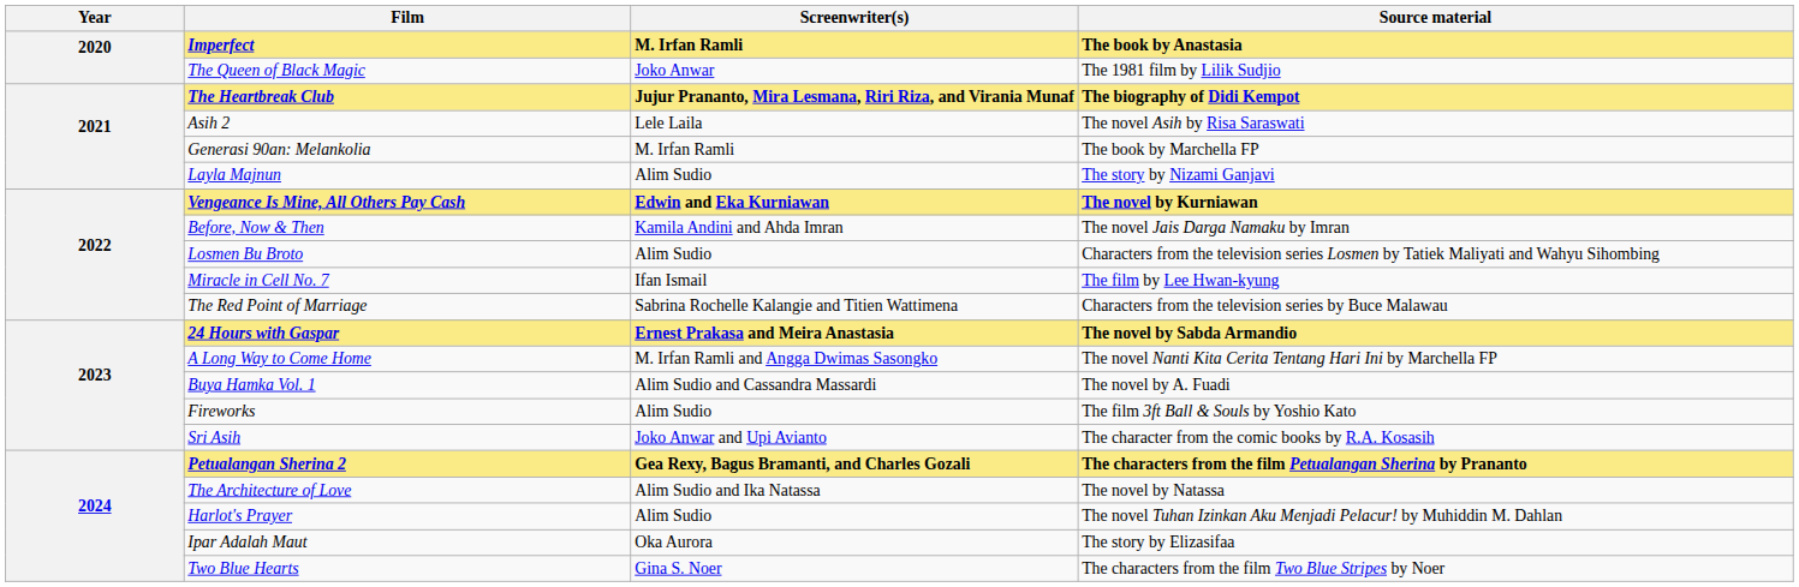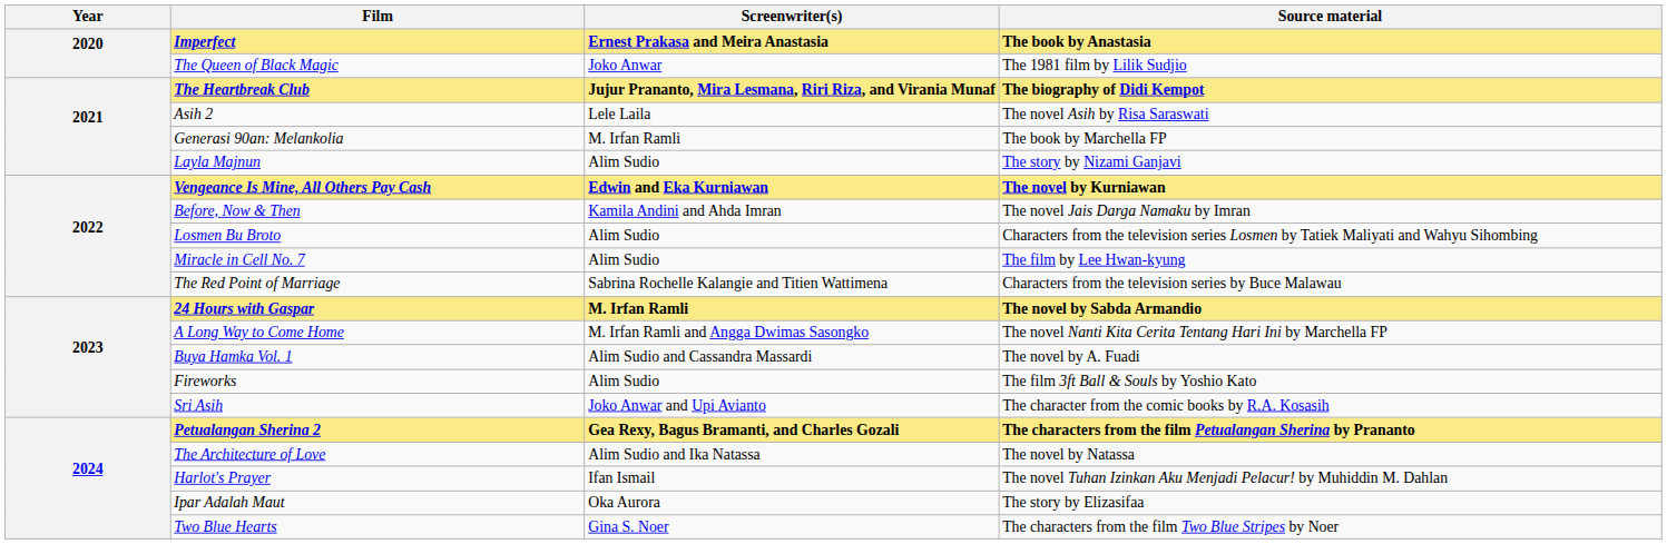 <table class="wikitable" rowspan=2 style="text-align: left;" border="2" cellpadding="4">
 <tr>
 <th width="10%">Year</th>
 <th width="25%">Film</th>
 <th width="25%">Screenwriter(s)</th>
 <th width="40%">Source material</th>
 </tr>
 <tr>
 <th rowspan="2" style="text-align:center;">2020<br><br></th>
 <td scope="row" style="background:#FAEB86;"><strong><em><a href='#'>Imperfect</a></em></strong></td>
-<td style="background:#FAEB86;"><strong>M. Irfan Ramli </strong></td>
+<td style="background:#FAEB86;"><strong><a href='#'>Ernest Prakasa</a> and Meira Anastasia </strong></td>
 <td style="background:#FAEB86;"><strong>The book by Anastasia</strong></td>
 </tr>
 <tr>
 <td><em><a href='#'>The Queen of Black Magic</a></em></td>
 <td><a href='#'>Joko Anwar</a></td>
 <td>The 1981 film by <a href='#'>Lilik Sudjio</a></td>
 </tr>
 <tr>
 <th style="text-align:center;" rowspan="4">2021<br><br></th>
 <td scope="row" style="background:#FAEB86;"><strong><em><a href='#'>The Heartbreak Club</a></em></strong></td>
 <td style="background:#FAEB86;"><strong>Jujur Prananto, <a href='#'>Mira Lesmana</a>, <a href='#'>Riri Riza</a>, and Virania Munaf</strong></td>
 <td style="background:#FAEB86;"><strong>The biography of <a href='#'>Didi Kempot</a></strong></td>
 </tr>
 <tr>
 <td><em>Asih 2</em></td>
 <td>Lele Laila</td>
 <td>The novel <em>Asih</em> by <a href='#'>Risa Saraswati</a></td>
 </tr>
 <tr>
 <td><em>Generasi 90an: Melankolia</em></td>
 <td>M. Irfan Ramli</td>
 <td>The book by Marchella FP</td>
 </tr>
 <tr>
 <td><em><a href='#'>Layla Majnun</a></em></td>
 <td>Alim Sudio</td>
 <td><a href='#'>The story</a> by <a href='#'>Nizami Ganjavi</a></td>
 </tr>
 <tr>
 <th style="text-align:center;" rowspan="5">2022<br><br></th>
 <td scope="row" style="background:#FAEB86;"><strong><em><a href='#'>Vengeance Is Mine, All Others Pay Cash</a></em></strong></td>
 <td style="background:#FAEB86;"><strong><a href='#'>Edwin</a> and <a href='#'>Eka Kurniawan</a></strong></td>
 <td style="background:#FAEB86;"><strong><a href='#'>The novel</a> by Kurniawan</strong></td>
 </tr>
 <tr>
 <td><em><a href='#'>Before, Now & Then</a></em></td>
 <td><a href='#'>Kamila Andini</a> and Ahda Imran</td>
 <td>The novel <em>Jais Darga Namaku</em> by Imran</td>
 </tr>
 <tr>
 <td><em><a href='#'>Losmen Bu Broto</a></em></td>
 <td>Alim Sudio</td>
 <td>Characters from the television series <em>Losmen</em> by Tatiek Maliyati and Wahyu Sihombing</td>
 </tr>
 <tr>
 <td><em><a href='#'>Miracle in Cell No. 7</a></em></td>
-<td>Ifan Ismail</td>
+<td>Alim Sudio</td>
 <td><a href='#'>The film</a> by <a href='#'>Lee Hwan-kyung</a></td>
 </tr>
 <tr>
 <td><em>The Red Point of Marriage</em></td>
 <td>Sabrina Rochelle Kalangie and Titien Wattimena</td>
 <td>Characters from the television series by Buce Malawau</td>
 </tr>
 <tr>
 <th style="text-align:center;" rowspan="5">2023<br><br></th>
 <td scope="row" style="background:#FAEB86;"><strong><em><a href='#'>24 Hours with Gaspar</a></em></strong></td>
-<td style="background:#FAEB86;"><strong><a href='#'>Ernest Prakasa</a> and Meira Anastasia </strong></td>
+<td style="background:#FAEB86;"><strong>M. Irfan Ramli </strong></td>
 <td style="background:#FAEB86;"><strong>The novel by Sabda Armandio</strong></td>
 </tr>
 <tr>
 <td><em><a href='#'>A Long Way to Come Home</a></em></td>
 <td>M. Irfan Ramli and <a href='#'>Angga Dwimas Sasongko</a></td>
 <td>The novel <em>Nanti Kita Cerita Tentang Hari Ini</em> by Marchella FP</td>
 </tr>
 <tr>
 <td><em><a href='#'>Buya Hamka Vol. 1</a></em></td>
 <td>Alim Sudio and Cassandra Massardi</td>
 <td>The novel by A. Fuadi</td>
 </tr>
 <tr>
 <td><em>Fireworks</em></td>
 <td>Alim Sudio</td>
 <td>The film <em>3ft Ball & Souls</em> by Yoshio Kato</td>
 </tr>
 <tr>
 <td><em><a href='#'>Sri Asih</a></em></td>
 <td><a href='#'>Joko Anwar</a> and <a href='#'>Upi Avianto</a></td>
 <td>The character from the comic books by <a href='#'>R.A. Kosasih</a></td>
 </tr>
 <tr>
 <th style="text-align:center;" rowspan="5"><a href='#'>2024</a><br><br></th>
 <td scope="row" style="background:#FAEB86;"><strong><em><a href='#'>Petualangan Sherina 2</a></em></strong></td>
 <td style="background:#FAEB86;"><strong>Gea Rexy, Bagus Bramanti, and Charles Gozali</strong></td>
 <td style="background:#FAEB86;"><strong>The characters from the film <em><a href='#'>Petualangan Sherina</a></em> by Prananto</strong></td>
 </tr>
 <tr>
 <td><em><a href='#'>The Architecture of Love</a></em></td>
 <td>Alim Sudio and Ika Natassa</td>
 <td>The novel by Natassa</td>
 </tr>
 <tr>
 <td><em><a href='#'>Harlot's Prayer</a></em></td>
-<td>Alim Sudio</td>
+<td>Ifan Ismail</td>
 <td>The novel <em>Tuhan Izinkan Aku Menjadi Pelacur!</em> by Muhiddin M. Dahlan</td>
 </tr>
 <tr>
 <td><em>Ipar Adalah Maut</em></td>
 <td>Oka Aurora</td>
 <td>The story by Elizasifaa</td>
 </tr>
 <tr>
 <td><em><a href='#'>Two Blue Hearts</a></em></td>
 <td><a href='#'>Gina S. Noer</a></td>
 <td>The characters from the film <em><a href='#'>Two Blue Stripes</a></em> by Noer</td>
 </tr>
 </table>
